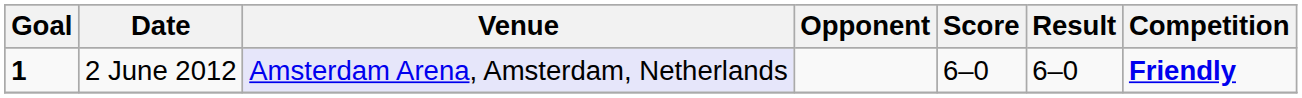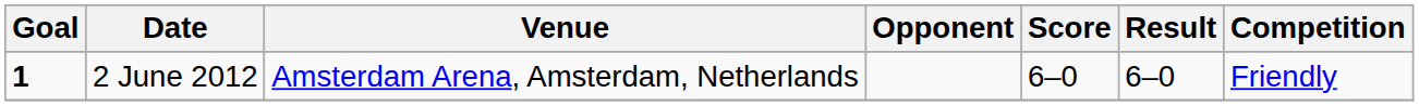 <table class="wikitable">
 <tr>
 <th>Goal</th>
 <th>Date</th>
 <th>Venue</th>
 <th>Opponent</th>
 <th>Score</th>
 <th>Result</th>
 <th>Competition</th>
 </tr>
 <tr>
 <td><strong>1</strong></td>
 <td>2 June 2012</td>
-<td style="background: lavender;"><a href='#'>Amsterdam Arena</a>, Amsterdam, Netherlands</td>
+<td><a href='#'>Amsterdam Arena</a>, Amsterdam, Netherlands</td>
 <td></td>
 <td>6–0</td>
 <td>6–0</td>
-<td><strong><a href='#'>Friendly</a></strong></td>
+<td><a href='#'>Friendly</a></td>
 </tr>
 <tr>
 </tr>
 </table>
